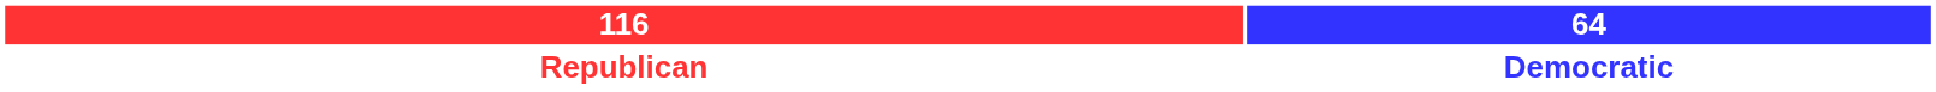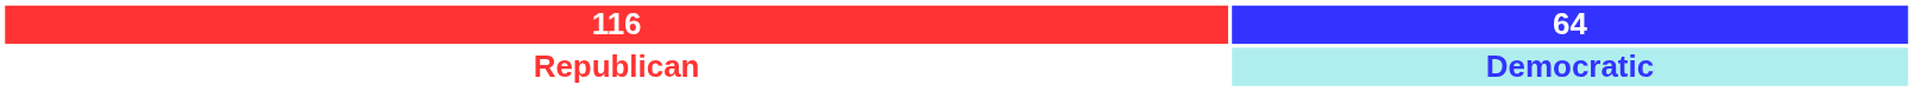 <table style="width:50%">
 <tr>
 <td scope="row" colspan="3" style="text-align:center"></td>
 </tr>
 <tr>
 <td scope="row" style="background:#F33; width:64.4%; text-align:center; color:white"><strong>116</strong></td>
 <td style="background:#33F; width:35.6%; text-align:center; color:white"><strong>64</strong></td>
 </tr>
 <tr>
 <td scope="row" style="text-align:center; color:#F33"><strong>Republican</strong></td>
-<td style="text-align:center; color:#33F"><strong>Democratic</strong></td>
+<td style="background: paleturquoise; text-align:center; color:#33F"><strong>Democratic</strong></td>
 </tr>
 </table>
